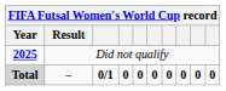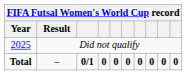 <table class="wikitable" style="text-align: center;font-size:90%;">
 <tr>
 <th colspan="10"><a href='#'>FIFA Futsal Women's World Cup</a> record</th>
 </tr>
 <tr>
 <th>Year</th>
 <th>Result</th>
 <th></th>
 <th></th>
 <th></th>
 <th></th>
 <th></th>
 <th></th>
 <th></th>
 <th></th>
 </tr>
 <tr>
-<td style=><strong> <a href='#'>2025</a></strong></td>
+<td style=> <a href='#'>2025</a></td>
 <td colspan="9"><em>Did not qualify</em></td>
 </tr>
 <tr>
-<td style="background: lightgrey;"><strong>Total</strong></td>
+<td><strong>Total</strong></td>
 <td>–</td>
 <td><strong>0/1</strong></td>
 <td><strong>0</strong></td>
 <td><strong>0</strong></td>
 <td><strong>0</strong></td>
 <td><strong>0</strong></td>
 <td><strong>0</strong></td>
 <td><strong>0</strong></td>
 <td><strong>0</strong></td>
 </tr>
 </table>
